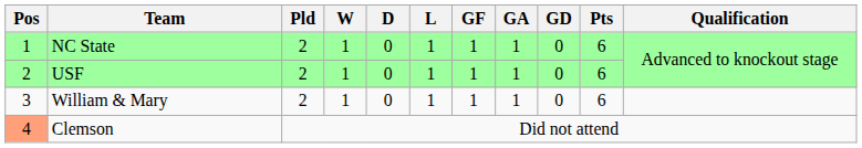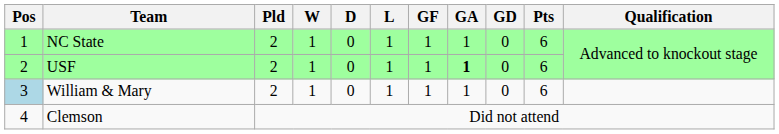 <table class="wikitable" style="text-align:center; margin: 1em auto">
 <tr>
 <th style="width:2em">Pos</th>
 <th style="width:13em">Team</th>
 <th style="width:2em">Pld</th>
 <th style="width:2em">W</th>
 <th style="width:2em">D</th>
 <th style="width:2em">L</th>
 <th style="width:2em">GF</th>
 <th style="width:2em">GA</th>
 <th style="width:2em">GD</th>
 <th style="width:2em">Pts</th>
 <th style="width:13em">Qualification</th>
 </tr>
 <tr bgcolor="#9eff9e">
 <td>1</td>
 <td style="text-align:left">NC State</td>
 <td>2</td>
 <td>1</td>
 <td>0</td>
 <td>1</td>
 <td>1</td>
 <td>1</td>
 <td>0</td>
 <td>6</td>
 <td rowspan="2">Advanced to knockout stage</td>
 </tr>
 <tr bgcolor="#9eff9e">
 <td>2</td>
 <td style="text-align:left">USF</td>
 <td>2</td>
 <td>1</td>
 <td>0</td>
 <td>1</td>
 <td>1</td>
-<td>1</td>
+<td><strong>1</strong></td>
 <td>0</td>
 <td>6</td>
 </tr>
 <tr>
-<td>3</td>
+<td style="background: lightblue;">3</td>
 <td style="text-align:left">William & Mary</td>
 <td>2</td>
 <td>1</td>
 <td>0</td>
 <td>1</td>
 <td>1</td>
 <td>1</td>
 <td>0</td>
 <td>6</td>
 <td></td>
 </tr>
 <tr>
-<td style="background: lightsalmon;">4</td>
+<td>4</td>
 <td style="text-align:left">Clemson</td>
 <td colspan="9">Did not attend</td>
 </tr>
 </table>
